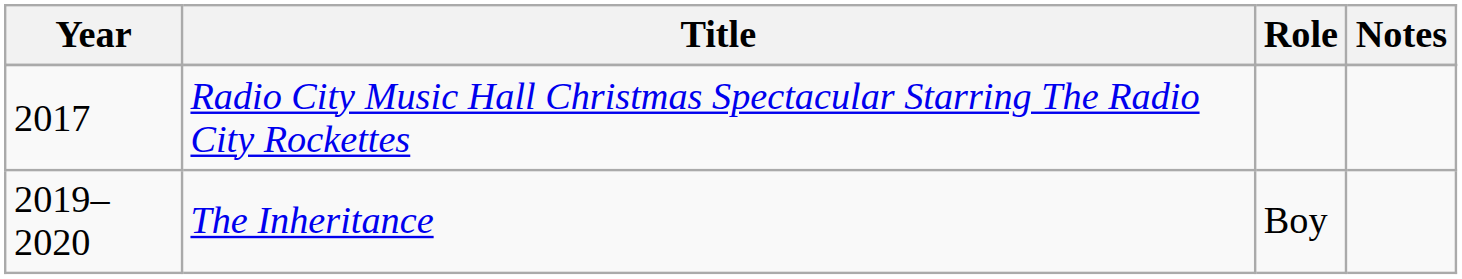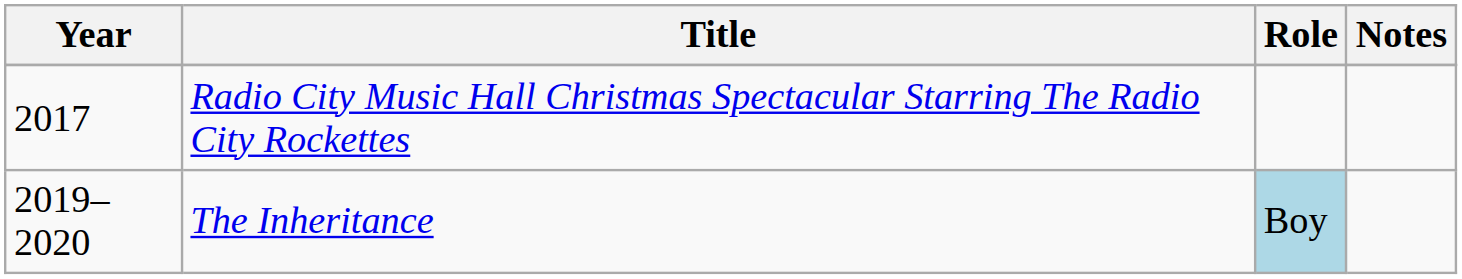 <table class="wikitable unsortable">
 <tr>
 <th>Year</th>
 <th>Title</th>
 <th>Role</th>
 <th>Notes</th>
 </tr>
 <tr>
 </tr>
 <tr>
 <td>2017</td>
 <td><em><a href='#'>Radio City Music Hall Christmas Spectacular Starring The Radio City Rockettes</a></em></td>
 <td></td>
 <td></td>
 </tr>
 <tr>
 <td>2019–2020</td>
 <td><em><a href='#'>The Inheritance</a></em></td>
-<td>Boy</td>
+<td style="background: lightblue;">Boy</td>
 <td></td>
 </tr>
 </table>
